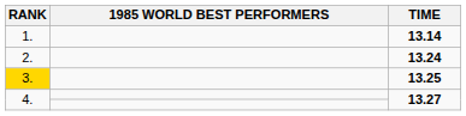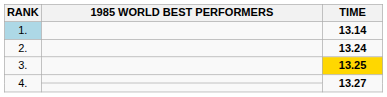 <table class="wikitable sortable">
 <tr>
 <th>RANK</th>
 <th align="center" style="width: 25em">1985 WORLD BEST PERFORMERS</th>
 <th align="center" style="width: 5em">TIME</th>
 </tr>
 <tr>
-<td align="center">1.</td>
+<td align="center" style="background: lightblue;">1.</td>
 <td></td>
 <td align="center"><strong>13.14</strong></td>
 </tr>
 <tr>
 <td align="center">2.</td>
 <td></td>
 <td align="center"><strong>13.24</strong></td>
 </tr>
 <tr>
-<td align="center" style="background: gold;">3.</td>
+<td align="center">3.</td>
 <td></td>
-<td align="center"><strong>13.25</strong></td>
+<td align="center" style="background: gold;"><strong>13.25</strong></td>
 </tr>
 <tr>
 <td rowspan=2 align="center">4.</td>
 <td></td>
 <td rowspan=2 align="center"><strong>13.27</strong></td>
 </tr>
 <tr>
 <td></td>
 </tr>
 </table>
